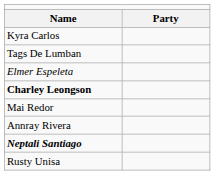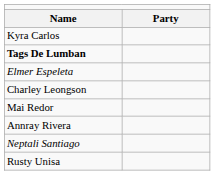 <table class=wikitable style="font-size:90%">
 <tr>
 <td colspan=4 bgcolor=></td>
 </tr>
 <tr>
 <th width=150px>Name</th>
 <th colspan=2 width=110px>Party</th>
 </tr>
 <tr>
 <td>Kyra Carlos</td>
 <td></td>
 </tr>
 <tr>
-<td>Tags De Lumban</td>
+<td><strong>Tags De Lumban</strong></td>
 <td></td>
 </tr>
 <tr>
 <td><em>Elmer Espeleta</em></td>
 <td></td>
 </tr>
 <tr>
-<td><strong>Charley Leongson</strong></td>
+<td>Charley Leongson</td>
 <td></td>
 </tr>
 <tr>
 <td>Mai Redor</td>
 <td></td>
 </tr>
 <tr>
 <td>Annray Rivera</td>
 <td></td>
 </tr>
 <tr>
-<td><strong><em>Neptali Santiago</em></strong></td>
+<td><em>Neptali Santiago</em></td>
 <td></td>
 </tr>
 <tr>
 <td>Rusty Unisa</td>
 <td></td>
 </tr>
 </table>
